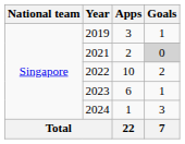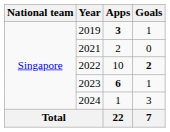 <table class="wikitable" style="text-align:center">
 <tr>
 <th>National team</th>
 <th>Year</th>
 <th>Apps</th>
 <th>Goals</th>
 </tr>
 <tr>
 <td rowspan=5><a href='#'>Singapore</a></td>
 <td>2019</td>
-<td>3</td>
+<td><strong>3</strong></td>
 <td>1</td>
 </tr>
 <tr>
 <td>2021</td>
 <td>2</td>
-<td style="background: lightgrey;">0</td>
+<td>0</td>
 </tr>
 <tr>
 <td>2022</td>
 <td>10</td>
-<td>2</td>
+<td><strong>2</strong></td>
 </tr>
 <tr>
 <td>2023</td>
-<td>6</td>
+<td><strong>6</strong></td>
 <td>1</td>
 </tr>
 <tr>
 <td>2024</td>
 <td>1</td>
 <td>3</td>
 </tr>
 <tr>
 <th colspan="2">Total</th>
 <th>22</th>
 <th>7</th>
 </tr>
 </table>
